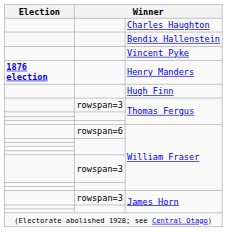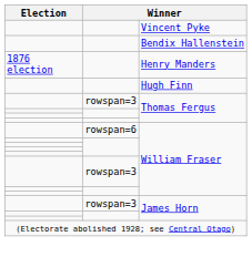 <table class=wikitable>
 <tr>
 <th width=100>Election</th>
 <th width=175 colspan=2>Winner</th>
 </tr>
 <tr>
 <td></td>
 <td></td>
-<td><a href='#'>Charles Haughton</a></td>
+<td><a href='#'>Vincent Pyke</a></td>
 </tr>
 <tr>
 <td></td>
 <td></td>
 <td><a href='#'>Bendix Hallenstein</a></td>
 </tr>
 <tr>
-<td></td>
-<td></td>
-<td><a href='#'>Vincent Pyke</a></td>
-</tr>
-<tr>
-<td><strong><a href='#'>1876 election</a></strong></td>
+<td><a href='#'>1876 election</a></td>
 <td></td>
 <td><a href='#'>Henry Manders</a></td>
 </tr>
 <tr>
 <td></td>
 <td></td>
 <td><a href='#'>Hugh Finn</a></td>
 </tr>
 <tr>
 <td></td>
 <td>rowspan=3 </td>
 <td rowspan=4><a href='#'>Thomas Fergus</a></td>
 </tr>
 <tr>
 <td></td>
 </tr>
 <tr>
 <td></td>
 </tr>
 <tr>
 <td></td>
 <td></td>
 </tr>
 <tr>
 <td></td>
 <td>rowspan=6 </td>
 <td rowspan=9><a href='#'>William Fraser</a></td>
 </tr>
 <tr>
 <td></td>
 </tr>
 <tr>
 <td></td>
 </tr>
 <tr>
 <td></td>
 </tr>
 <tr>
 <td></td>
 </tr>
 <tr>
 <td rowspan=2 height=36></td>
 </tr>
 <tr>
 <td>rowspan=3 </td>
 </tr>
 <tr>
 <td></td>
 </tr>
 <tr>
 <td></td>
 </tr>
 <tr>
 <td></td>
 <td>rowspan=3 </td>
 <td rowspan=3><a href='#'>James Horn</a></td>
 </tr>
 <tr>
 <td></td>
 </tr>
 <tr>
 <td></td>
 </tr>
 <tr>
 <td colspan=3 align=center><small>(Electorate abolished 1928; see <a href='#'>Central Otago</a>)</small></td>
 </tr>
 </table>
